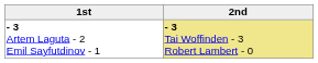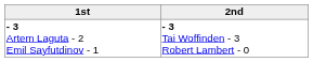 <table border="1" cellpadding="2" cellspacing="0"  style="width:75%; border-collapse:collapse;">
 <tr style="text-align:left; background:#efefef;">
 <th width=15% align=center >1st</th>
 <th width=15% align=center >2nd</th>
 </tr>
 <tr align=left>
 <td valign=top align=left ><strong> - 3</strong><br><a href='#'>Artem Laguta</a> - 2<br><a href='#'>Emil Sayfutdinov</a> - 1</td>
-<td valign=top align=left  style="background: khaki;"><strong> - 3</strong><br><a href='#'>Tai Woffinden</a> - 3<br><a href='#'>Robert Lambert</a> - 0</td>
+<td valign=top align=left ><strong> - 3</strong><br><a href='#'>Tai Woffinden</a> - 3<br><a href='#'>Robert Lambert</a> - 0</td>
 </tr>
 </table>
